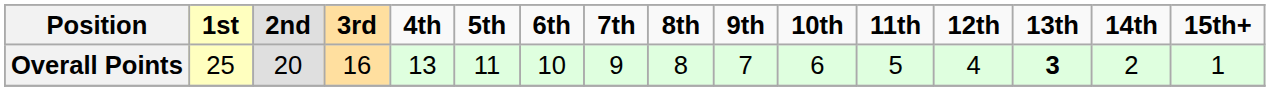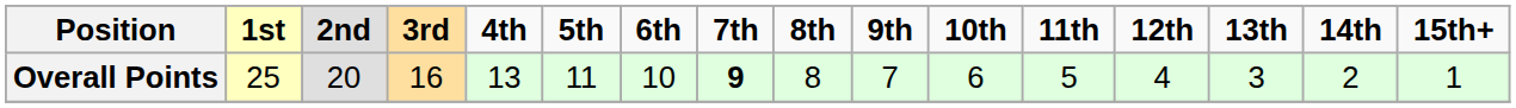 <table class="wikitable" style="font-size:85%; text-align:center">
 <tr>
 <th>Position</th>
 <td style="background:#ffffbf;"> <strong>1st</strong> </td>
 <td style="background:#dfdfdf;"> <strong>2nd</strong> </td>
 <td style="background:#ffdf9f;"> <strong>3rd</strong> </td>
 <td> <strong>4th</strong> </td>
 <td> <strong>5th</strong> </td>
 <td> <strong>6th</strong> </td>
 <td> <strong>7th</strong> </td>
 <td> <strong>8th</strong> </td>
 <td> <strong>9th</strong> </td>
 <td> <strong>10th</strong> </td>
 <td> <strong>11th</strong> </td>
 <td> <strong>12th</strong> </td>
 <td> <strong>13th</strong> </td>
 <td> <strong>14th</strong> </td>
 <td> <strong>15th+</strong> </td>
 </tr>
 <tr>
 <th>Overall Points</th>
 <td style="background:#ffffbf;">25</td>
 <td style="background:#dfdfdf;">20</td>
 <td style="background:#ffdf9f;">16</td>
 <td style="background:#dfffdf;">13</td>
 <td style="background:#dfffdf;">11</td>
 <td style="background:#dfffdf;">10</td>
-<td style="background:#dfffdf;">9</td>
+<td style="background:#dfffdf;"><strong>9</strong></td>
 <td style="background:#dfffdf;">8</td>
 <td style="background:#dfffdf;">7</td>
 <td style="background:#dfffdf;">6</td>
 <td style="background:#dfffdf;">5</td>
 <td style="background:#dfffdf;">4</td>
-<td style="background:#dfffdf;"><strong>3</strong></td>
+<td style="background:#dfffdf;">3</td>
 <td style="background:#dfffdf;">2</td>
 <td style="background:#dfffdf;">1</td>
 </tr>
 <tr>
 </tr>
 </table>
